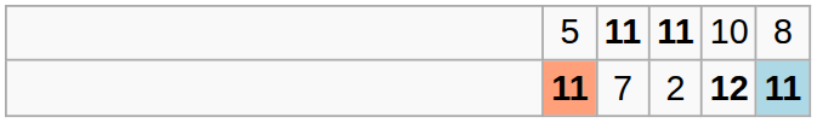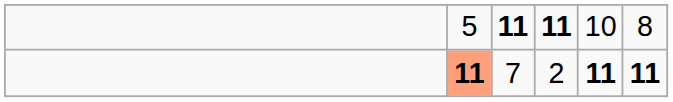 <table class="wikitable">
 <tr>
 <td style="width:15em"></td>
 <td align=center style="width:1em">5</td>
 <td align=center style="width:1em"><strong>11</strong></td>
 <td align=center style="width:1em"><strong>11</strong></td>
 <td align=center style="width:1em">10</td>
 <td align=center style="width:1em">8</td>
 </tr>
 <tr>
 <td style="width:15em"></td>
 <td align=center style="background: lightsalmon; width:1em"><strong>11</strong></td>
 <td align=center style="width:1em">7</td>
 <td align=center style="width:1em">2</td>
-<td align=center style="width:1em"><strong>12</strong></td>
-<td align=center style="background: lightblue; width:1em"><strong>11</strong></td>
+<td align=center style="width:1em"><strong>11</strong></td>
+<td align=center style="width:1em"><strong>11</strong></td>
 </tr>
 </table>
